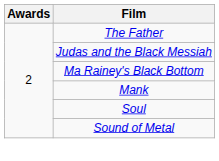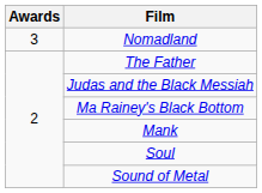 <table class="wikitable plainrowheaders" style="text-align: center;">
 <tr>
 <th scope="col" style="width:55px;">Awards</th>
 <th scope="col">Film</th>
+</tr>
+<tr>
+<td scope="row">3</td>
+<td><em><a href='#'>Nomadland</a></em></td>
 </tr>
 <tr>
 <td rowspan="6" scope="row">2</td>
 <td><em><a href='#'>The Father</a></em></td>
 </tr>
 <tr>
 <td><em><a href='#'>Judas and the Black Messiah</a></em></td>
 </tr>
 <tr>
 <td><em><a href='#'>Ma Rainey's Black Bottom</a></em></td>
 </tr>
 <tr>
 <td><em><a href='#'>Mank</a></em></td>
 </tr>
 <tr>
 <td><em><a href='#'>Soul</a></em></td>
 </tr>
 <tr>
 <td><em><a href='#'>Sound of Metal</a></em></td>
 </tr>
 </table>
